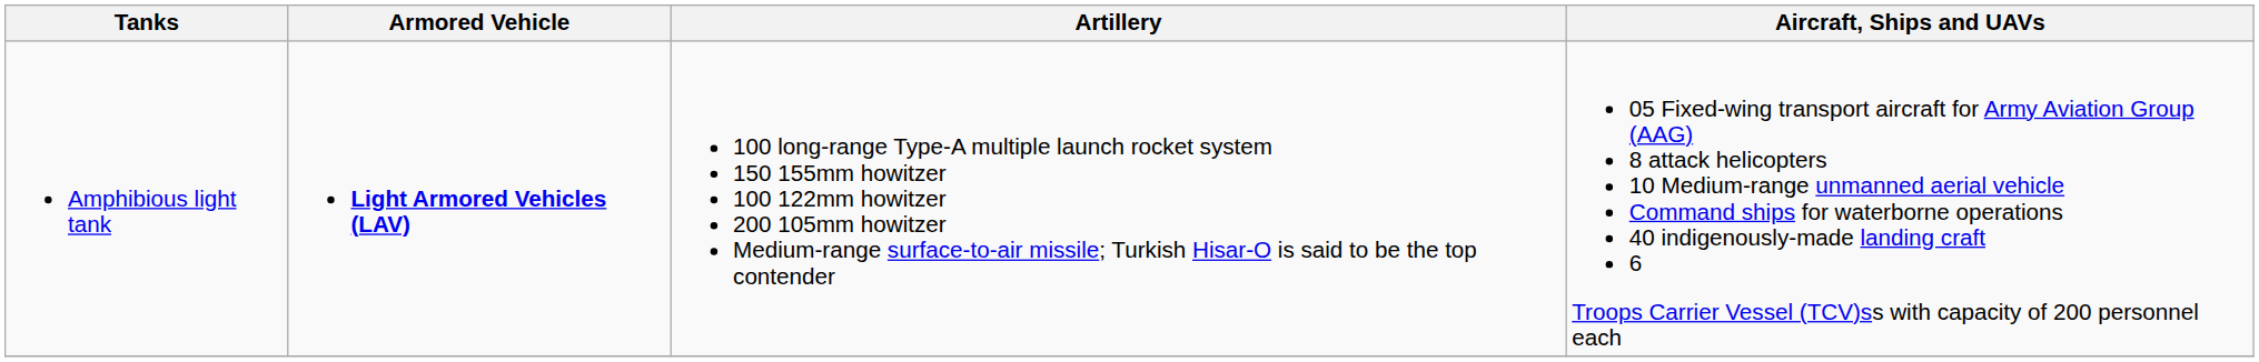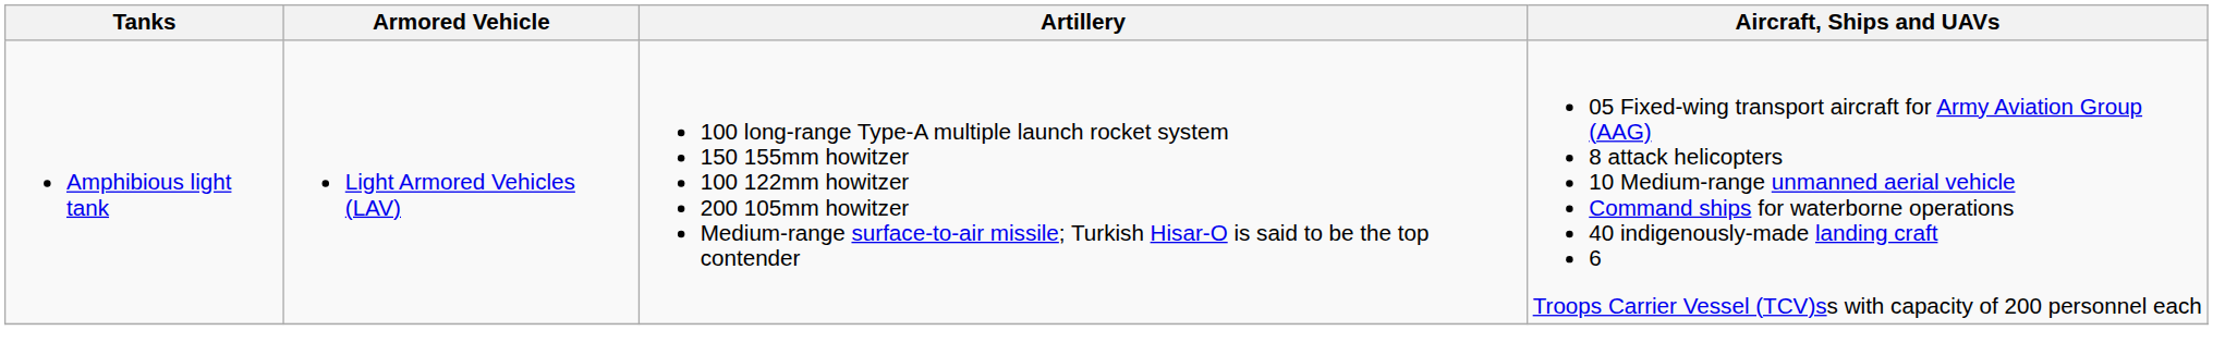 <table class="wikitable">
 <tr>
 <th>Tanks</th>
 <th>Armored Vehicle</th>
 <th>Artillery</th>
 <th>Aircraft, Ships and UAVs</th>
 </tr>
 <tr>
 <td><br><ul><li><a href='#'>Amphibious light tank</a></li></ul></td>
-<td><strong><br><ul><li><a href='#'>Light Armored Vehicles (LAV)</a></li></ul></strong></td>
+<td><br><ul><li><a href='#'>Light Armored Vehicles (LAV)</a></li></ul></td>
 <td><br><ul><li>100 long-range Type-A multiple launch rocket system</li><li>150 155mm howitzer</li><li>100 122mm howitzer</li><li>200 105mm howitzer</li><li>Medium-range <a href='#'>surface-to-air missile</a>; Turkish <a href='#'>Hisar-O</a> is said to be the top contender</li></ul></td>
 <td><br><ul><li>05 Fixed-wing transport aircraft for <a href='#'>Army Aviation Group (AAG)</a></li><li>8 attack helicopters</li><li>10 Medium-range <a href='#'>unmanned aerial vehicle</a></li><li><a href='#'>Command ships</a> for waterborne operations</li><li>40 indigenously-made <a href='#'>landing craft</a></li><li>6</li></ul><a href='#'>Troops Carrier Vessel (TCV)s</a>s with capacity of 200 personnel each</td>
 </tr>
 <tr>
 </tr>
 </table>
